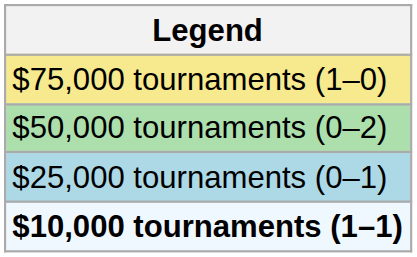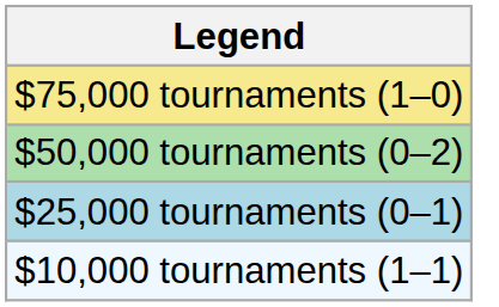 <table class=wikitable style=font-size:90%>
 <tr>
 <th>Legend</th>
 </tr>
 <tr bgcolor="F7E98E">
 <td>$75,000 tournaments (1–0)</td>
 </tr>
 <tr bgcolor="ADDFAD">
 <td>$50,000 tournaments (0–2)</td>
 </tr>
 <tr bgcolor=lightblue>
 <td>$25,000 tournaments (0–1)</td>
 </tr>
 <tr bgcolor=f0f8ff>
-<td><strong>$10,000 tournaments (1–1)</strong></td>
+<td>$10,000 tournaments (1–1)</td>
 </tr>
 </table>
